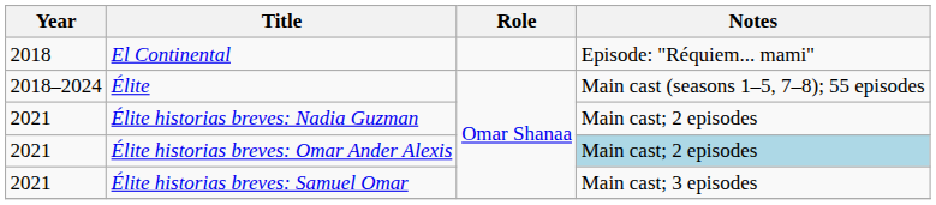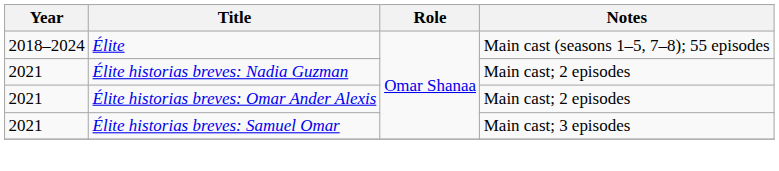 <table class="wikitable sortable">
 <tr>
 <th>Year</th>
 <th>Title</th>
 <th>Role</th>
 <th class="unsortable">Notes</th>
-</tr>
-<tr>
-<td>2018</td>
-<td><em><a href='#'>El Continental</a></em></td>
-<td></td>
-<td>Episode: "Réquiem... mami"</td>
 </tr>
 <tr>
 <td>2018–2024</td>
 <td><em><a href='#'>Élite</a></em></td>
 <td rowspan="4"><a href='#'>Omar Shanaa</a></td>
 <td>Main cast (seasons 1–5, 7–8); 55 episodes</td>
 </tr>
 <tr>
 <td>2021</td>
 <td><em><a href='#'>Élite historias breves: Nadia Guzman</a></em></td>
 <td>Main cast; 2 episodes</td>
 </tr>
 <tr>
 <td>2021</td>
 <td><em><a href='#'>Élite historias breves: Omar Ander Alexis</a></em></td>
-<td style="background: lightblue;">Main cast; 2 episodes</td>
+<td>Main cast; 2 episodes</td>
 </tr>
 <tr>
 <td>2021</td>
 <td><em><a href='#'>Élite historias breves: Samuel Omar</a></em></td>
 <td>Main cast; 3 episodes</td>
 </tr>
 <tr>
 </tr>
 </table>
